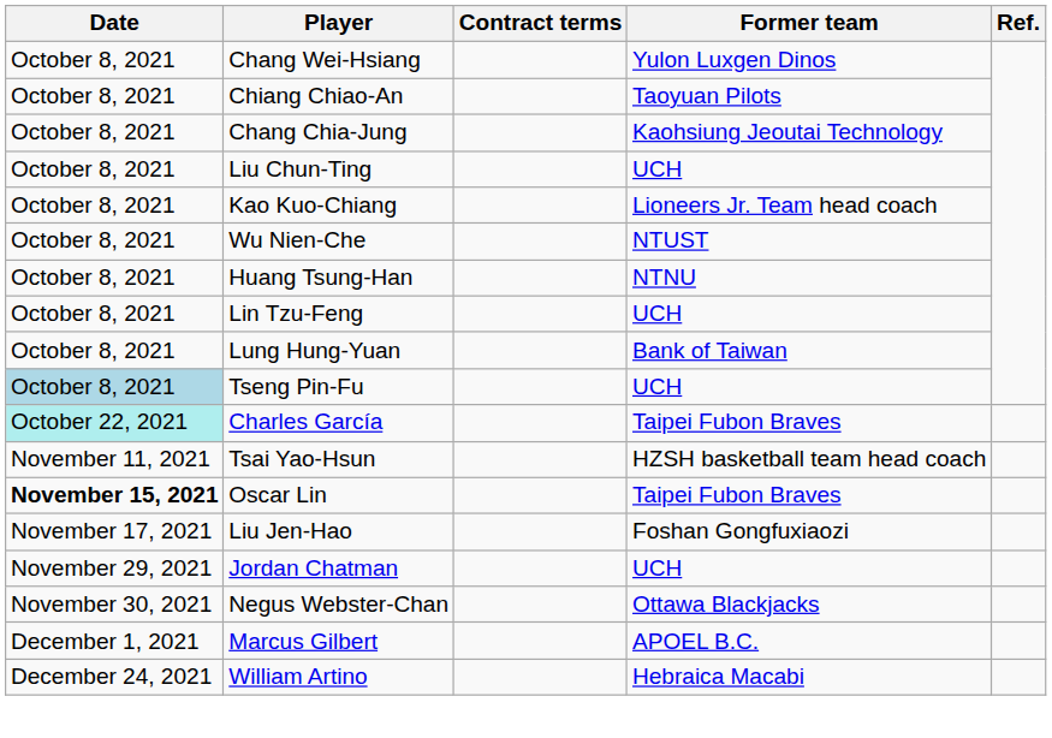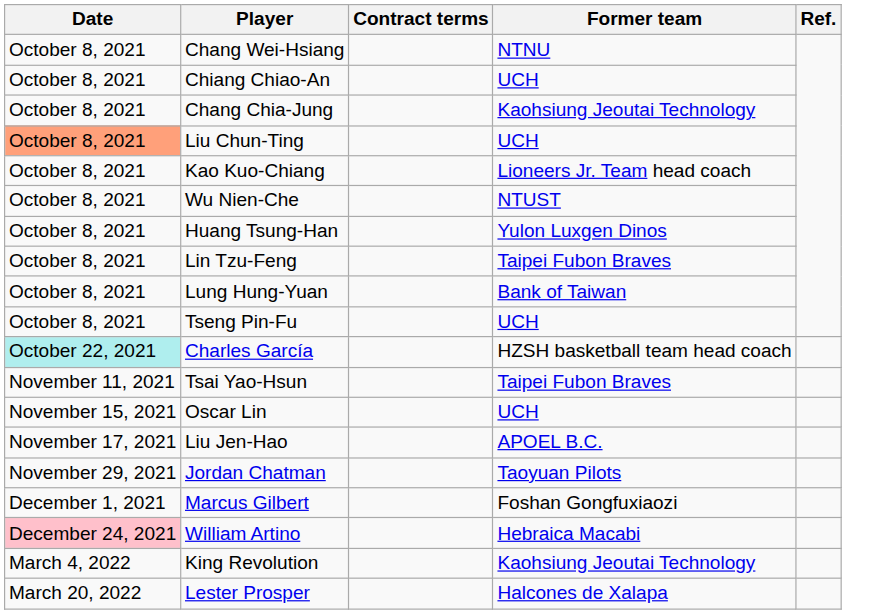 <table class="wikitable">
 <tr>
 <th>Date</th>
 <th>Player</th>
 <th>Contract terms</th>
 <th>Former team</th>
 <th>Ref.</th>
 </tr>
 <tr>
 <td>October 8, 2021</td>
 <td>Chang Wei-Hsiang</td>
 <td></td>
-<td> <a href='#'>Yulon Luxgen Dinos</a></td>
+<td> <a href='#'>NTNU</a></td>
 <td rowspan=10></td>
 </tr>
 <tr>
 <td>October 8, 2021</td>
 <td>Chiang Chiao-An</td>
 <td></td>
-<td> <a href='#'>Taoyuan Pilots</a></td>
+<td> <a href='#'>UCH</a></td>
 </tr>
 <tr>
 <td>October 8, 2021</td>
 <td>Chang Chia-Jung</td>
 <td></td>
 <td> <a href='#'>Kaohsiung Jeoutai Technology</a></td>
 </tr>
 <tr>
-<td>October 8, 2021</td>
+<td style="background: lightsalmon;">October 8, 2021</td>
 <td>Liu Chun-Ting</td>
 <td></td>
 <td> <a href='#'>UCH</a></td>
 </tr>
 <tr>
 <td>October 8, 2021</td>
 <td>Kao Kuo-Chiang</td>
 <td></td>
 <td> <a href='#'>Lioneers Jr. Team</a> head coach</td>
 </tr>
 <tr>
 <td>October 8, 2021</td>
 <td>Wu Nien-Che</td>
 <td></td>
 <td> <a href='#'>NTUST</a></td>
 </tr>
 <tr>
 <td>October 8, 2021</td>
 <td>Huang Tsung-Han</td>
 <td></td>
-<td> <a href='#'>NTNU</a></td>
+<td> <a href='#'>Yulon Luxgen Dinos</a></td>
 </tr>
 <tr>
 <td>October 8, 2021</td>
 <td>Lin Tzu-Feng</td>
 <td></td>
-<td> <a href='#'>UCH</a></td>
+<td> <a href='#'>Taipei Fubon Braves</a></td>
 </tr>
 <tr>
 <td>October 8, 2021</td>
 <td>Lung Hung-Yuan</td>
 <td></td>
 <td> <a href='#'>Bank of Taiwan</a></td>
 </tr>
 <tr>
-<td style="background: lightblue;">October 8, 2021</td>
+<td>October 8, 2021</td>
 <td>Tseng Pin-Fu</td>
 <td></td>
 <td> <a href='#'>UCH</a></td>
 </tr>
 <tr>
 <td style="background: paleturquoise;">October 22, 2021</td>
 <td><a href='#'>Charles García</a></td>
 <td></td>
-<td> <a href='#'>Taipei Fubon Braves</a></td>
+<td> HZSH basketball team head coach</td>
 <td></td>
 </tr>
 <tr>
 <td>November 11, 2021</td>
 <td>Tsai Yao-Hsun</td>
 <td></td>
-<td> HZSH basketball team head coach</td>
+<td> <a href='#'>Taipei Fubon Braves</a></td>
 <td></td>
 </tr>
 <tr>
-<td><strong>November 15, 2021</strong></td>
+<td>November 15, 2021</td>
 <td>Oscar Lin</td>
 <td></td>
-<td> <a href='#'>Taipei Fubon Braves</a></td>
+<td> <a href='#'>UCH</a></td>
 <td></td>
 </tr>
 <tr>
 <td>November 17, 2021</td>
 <td>Liu Jen-Hao</td>
 <td></td>
-<td> Foshan Gongfuxiaozi</td>
+<td> <a href='#'>APOEL B.C.</a></td>
 <td></td>
 </tr>
 <tr>
 <td>November 29, 2021</td>
 <td><a href='#'>Jordan Chatman</a></td>
 <td></td>
-<td> <a href='#'>UCH</a></td>
-<td></td>
-</tr>
-<tr>
-<td>November 30, 2021</td>
-<td>Negus Webster-Chan</td>
-<td></td>
-<td> <a href='#'>Ottawa Blackjacks</a></td>
+<td> <a href='#'>Taoyuan Pilots</a></td>
 <td></td>
 </tr>
 <tr>
 <td>December 1, 2021</td>
 <td><a href='#'>Marcus Gilbert</a></td>
 <td></td>
-<td> <a href='#'>APOEL B.C.</a></td>
+<td> Foshan Gongfuxiaozi</td>
 <td></td>
 </tr>
 <tr>
-<td>December 24, 2021</td>
+<td style="background: pink;">December 24, 2021</td>
 <td><a href='#'>William Artino</a></td>
 <td></td>
 <td> <a href='#'>Hebraica Macabi</a></td>
 <td></td>
 </tr>
+<tr>
+<td>March 4, 2022</td>
+<td>King Revolution</td>
+<td></td>
+<td> <a href='#'>Kaohsiung Jeoutai Technology</a></td>
+<td></td>
+</tr>
+<tr>
+<td>March 20, 2022</td>
+<td><a href='#'>Lester Prosper</a></td>
+<td></td>
+<td> <a href='#'>Halcones de Xalapa</a></td>
+<td></td>
+</tr>
 </table>
